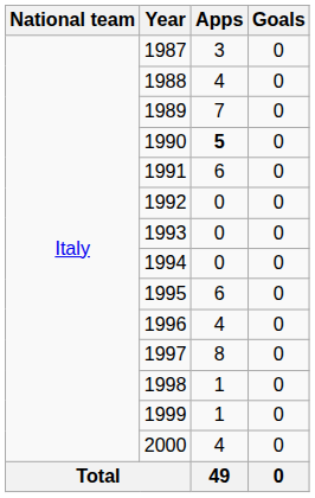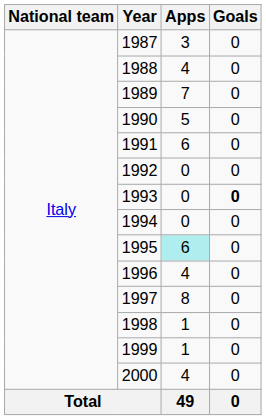 <table class="wikitable" style="text-align:center">
 <tr>
 <th>National team</th>
 <th>Year</th>
 <th>Apps</th>
 <th>Goals</th>
 </tr>
 <tr>
 <td rowspan="14"><a href='#'>Italy</a></td>
 <td>1987</td>
 <td>3</td>
 <td>0</td>
 </tr>
 <tr>
 <td>1988</td>
 <td>4</td>
 <td>0</td>
 </tr>
 <tr>
 <td>1989</td>
 <td>7</td>
 <td>0</td>
 </tr>
 <tr>
 <td>1990</td>
-<td><strong>5</strong></td>
+<td>5</td>
 <td>0</td>
 </tr>
 <tr>
 <td>1991</td>
 <td>6</td>
 <td>0</td>
 </tr>
 <tr>
 <td>1992</td>
 <td>0</td>
 <td>0</td>
 </tr>
 <tr>
 <td>1993</td>
 <td>0</td>
-<td>0</td>
+<td><strong>0</strong></td>
 </tr>
 <tr>
 <td>1994</td>
 <td>0</td>
 <td>0</td>
 </tr>
 <tr>
 <td>1995</td>
-<td>6</td>
+<td style="background: paleturquoise;">6</td>
 <td>0</td>
 </tr>
 <tr>
 <td>1996</td>
 <td>4</td>
 <td>0</td>
 </tr>
 <tr>
 <td>1997</td>
 <td>8</td>
 <td>0</td>
 </tr>
 <tr>
 <td>1998</td>
 <td>1</td>
 <td>0</td>
 </tr>
 <tr>
 <td>1999</td>
 <td>1</td>
 <td>0</td>
 </tr>
 <tr>
 <td>2000</td>
 <td>4</td>
 <td>0</td>
 </tr>
 <tr>
 <th colspan="2">Total</th>
 <th>49</th>
 <th>0</th>
 </tr>
 </table>
